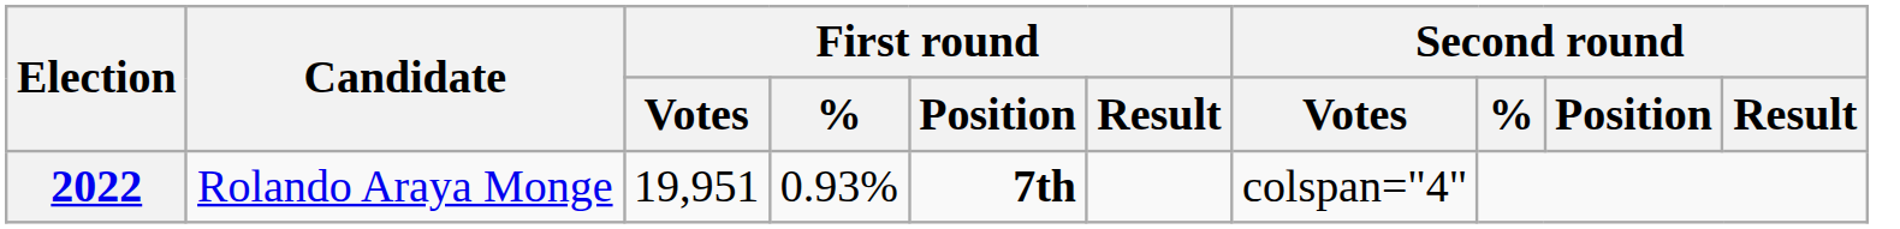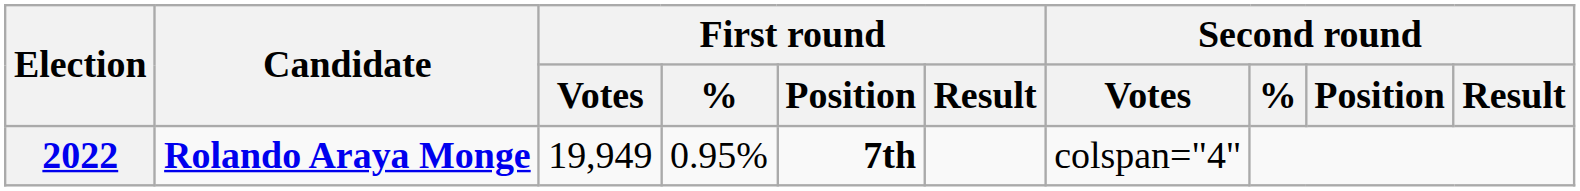 <table class=wikitable style="text-align: right;">
 <tr>
 <th rowspan=2>Election</th>
 <th rowspan=2>Candidate</th>
 <th colspan=4>First round</th>
 <th colspan=4>Second round</th>
 </tr>
 <tr>
 <th>Votes</th>
 <th>%</th>
 <th>Position</th>
 <th>Result</th>
 <th>Votes</th>
 <th>%</th>
 <th>Position</th>
 <th>Result</th>
 </tr>
 <tr>
 <th><a href='#'>2022</a></th>
-<td><a href='#'>Rolando Araya Monge</a></td>
-<td>19,951</td>
-<td>0.93%</td>
+<td><strong><a href='#'>Rolando Araya Monge</a></strong></td>
+<td>19,949</td>
+<td>0.95%</td>
 <td><strong>7th</strong></td>
 <td></td>
 <td>colspan="4" </td>
 </tr>
 </table>
